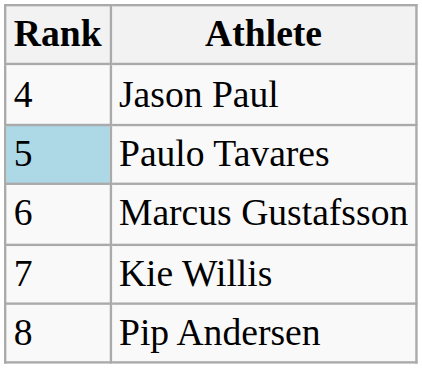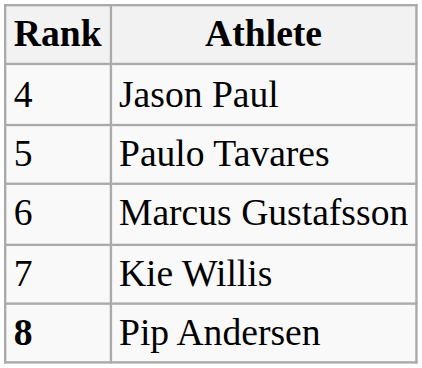 <table class="wikitable">
 <tr>
 <th>Rank</th>
 <th>Athlete</th>
 </tr>
 <tr>
 <td>4</td>
 <td> Jason Paul</td>
 </tr>
 <tr>
-<td style="background: lightblue;">5</td>
+<td>5</td>
 <td> Paulo Tavares</td>
 </tr>
 <tr>
 <td>6</td>
 <td> Marcus Gustafsson</td>
 </tr>
 <tr>
 <td>7</td>
 <td> Kie Willis</td>
 </tr>
 <tr>
-<td>8</td>
+<td><strong>8</strong></td>
 <td> Pip Andersen</td>
 </tr>
 </table>
